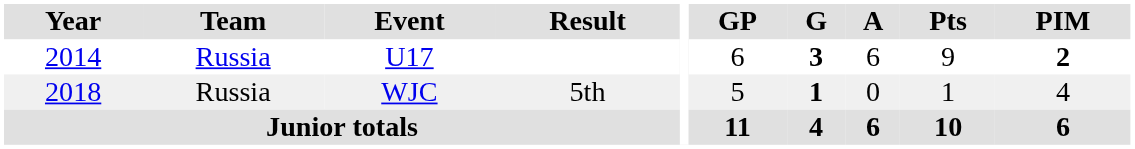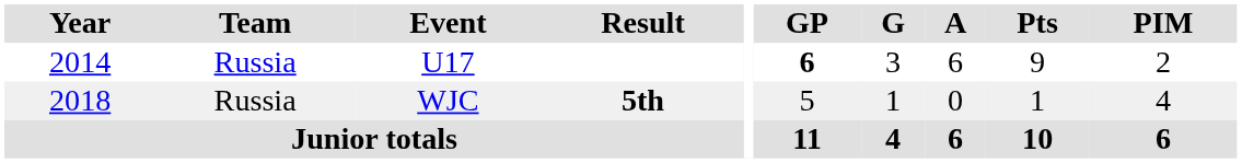 <table border="0" cellpadding="1" cellspacing="0" ID="Table3" style="text-align:center; width:40em">
 <tr ALIGN="center" bgcolor="#e0e0e0">
 <th>Year</th>
 <th>Team</th>
 <th>Event</th>
 <th>Result</th>
 <th rowspan="99" bgcolor="#ffffff"></th>
 <th>GP</th>
 <th>G</th>
 <th>A</th>
 <th>Pts</th>
 <th>PIM</th>
 </tr>
 <tr>
 <td><a href='#'>2014</a></td>
 <td><a href='#'>Russia</a></td>
 <td><a href='#'>U17</a></td>
 <td></td>
-<td>6</td>
-<td><strong>3</strong></td>
+<td><strong>6</strong></td>
+<td>3</td>
 <td>6</td>
 <td>9</td>
-<td><strong>2</strong></td>
+<td>2</td>
 </tr>
 <tr bgcolor="#f0f0f0">
 <td><a href='#'>2018</a></td>
 <td>Russia</td>
 <td><a href='#'>WJC</a></td>
-<td>5th</td>
+<td><strong>5th</strong></td>
 <td>5</td>
-<td><strong>1</strong></td>
+<td>1</td>
 <td>0</td>
 <td>1</td>
 <td>4</td>
 </tr>
 <tr bgcolor="#e0e0e0">
 <th colspan="4">Junior totals</th>
 <th>11</th>
 <th>4</th>
 <th>6</th>
 <th>10</th>
 <th>6</th>
 </tr>
 </table>
